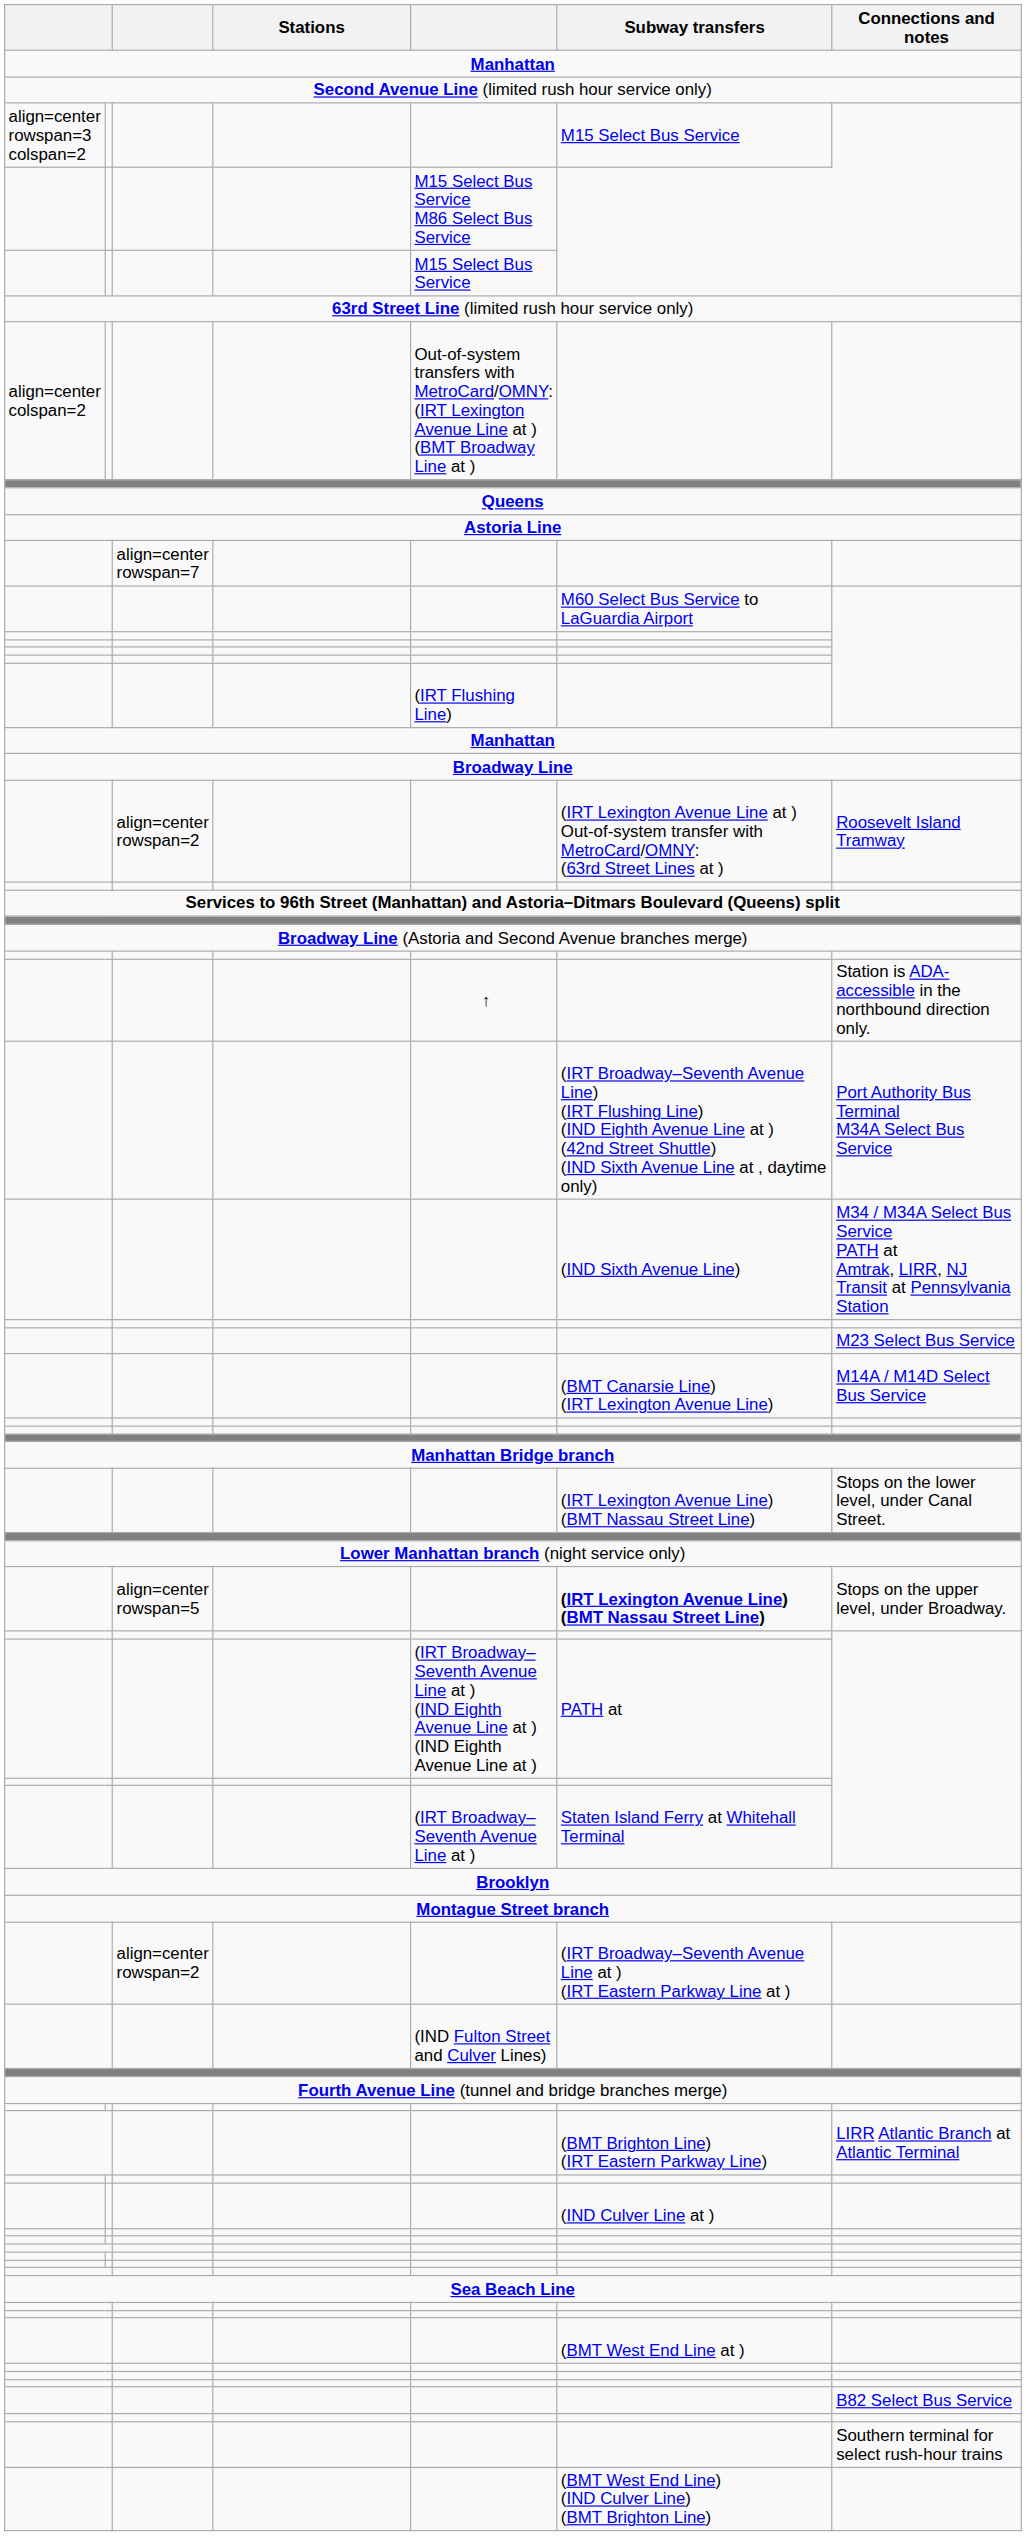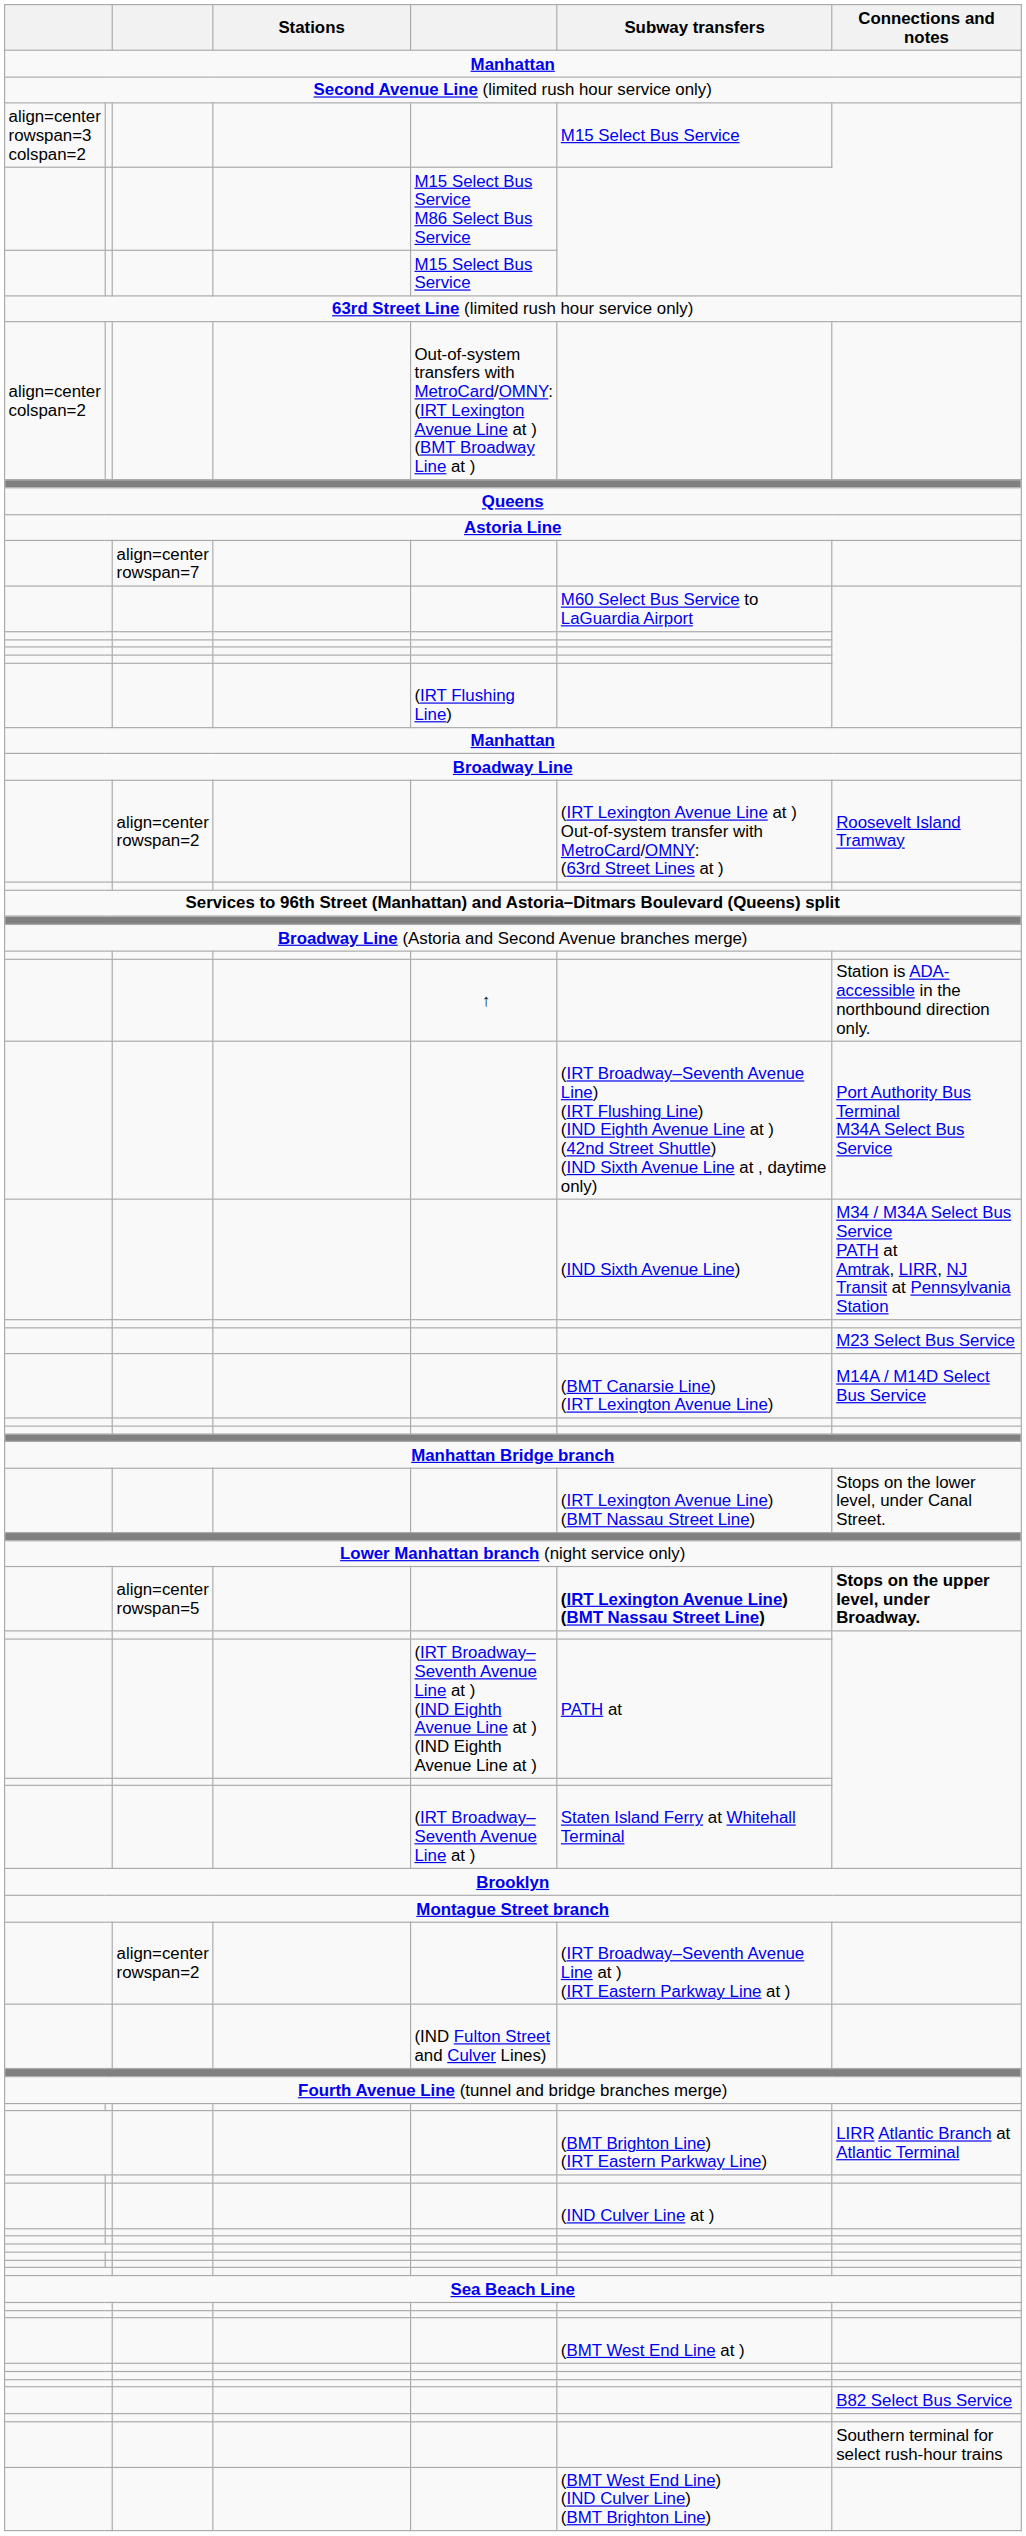 <table class="wikitable collapsible" style="font-size:90%" summary="Service information for the N train and its stations, including service times, ADA-accessibility, subway transfers, and non-subway connections.">
 <tr>
 <th width=6% colspan=2><br></th>
 <th width=3%><br></th>
 <th width=28%>Stations</th>
 <th width=3%></th>
 <th width=36%>Subway transfers</th>
 <th width=30%>Connections and notes</th>
 </tr>
 <tr>
 <td style="font-weight:bold; text-align:center" colspan=7><a href='#'>Manhattan</a></td>
 </tr>
 <tr>
 <td style="text-align:center" colspan=7><strong><a href='#'>Second Avenue Line</a></strong> (limited rush hour service only)</td>
 </tr>
 <tr>
 <td>align=center rowspan=3 colspan=2 </td>
 <td align=center></td>
 <td></td>
 <td align=center></td>
 <td></td>
 <td><a href='#'>M15 Select Bus Service</a></td>
 </tr>
 <tr>
 <td align=center></td>
 <td></td>
 <td align=center></td>
 <td></td>
 <td><a href='#'>M15 Select Bus Service</a><br><a href='#'>M86 Select Bus Service</a></td>
 </tr>
 <tr>
 <td align=center></td>
 <td></td>
 <td align=center></td>
 <td></td>
 <td><a href='#'>M15 Select Bus Service</a></td>
 </tr>
 <tr>
 <td align=center colspan=7><strong><a href='#'>63rd Street Line</a></strong> (limited rush hour service only)</td>
 </tr>
 <tr>
 <td>align=center colspan=2 </td>
 <td align=center></td>
 <td></td>
 <td align=center></td>
 <td><br>Out-of-system transfers with <a href='#'>MetroCard</a>/<a href='#'>OMNY</a>:<br> (<a href='#'>IRT Lexington Avenue Line</a> at )<br> (<a href='#'>BMT Broadway Line</a> at )</td>
 <td></td>
 </tr>
 <tr>
 <td bgcolor=#808080 colspan=7></td>
 </tr>
 <tr>
 <td style="font-weight:bold; text-align:center" colspan=7><a href='#'>Queens</a></td>
 </tr>
 <tr>
 <td style="font-weight:bold; text-align:center" colspan=7><a href='#'>Astoria Line</a></td>
 </tr>
 <tr>
 <td align=center colspan=2></td>
 <td>align=center rowspan=7 </td>
 <td></td>
 <td></td>
 <td></td>
 <td></td>
 </tr>
 <tr>
 <td align=center colspan=2></td>
 <td></td>
 <td align="center"></td>
 <td></td>
 <td><a href='#'>M60 Select Bus Service</a> to <a href='#'>LaGuardia Airport</a></td>
 </tr>
 <tr>
 <td align=center colspan=2></td>
 <td></td>
 <td></td>
 <td></td>
 <td></td>
 </tr>
 <tr>
 <td align=center colspan=2></td>
 <td></td>
 <td></td>
 <td></td>
 <td></td>
 </tr>
 <tr>
 <td align=center colspan=2></td>
 <td></td>
 <td></td>
 <td></td>
 <td></td>
 </tr>
 <tr>
 <td align=center colspan=2></td>
 <td></td>
 <td></td>
 <td></td>
 <td></td>
 </tr>
 <tr>
 <td align=center colspan=2></td>
 <td></td>
 <td align=center></td>
 <td><br> (<a href='#'>IRT Flushing Line</a>)</td>
 <td></td>
 </tr>
 <tr>
 <td style="font-weight:bold; text-align:center" colspan=7><a href='#'>Manhattan</a></td>
 </tr>
 <tr>
 <td style="font-weight:bold; text-align:center" colspan=7><a href='#'>Broadway Line</a></td>
 </tr>
 <tr>
 <td align=center colspan=2></td>
 <td>align=center rowspan=2 </td>
 <td></td>
 <td></td>
 <td><br> (<a href='#'>IRT Lexington Avenue Line</a> at )<br>Out-of-system transfer with <a href='#'>MetroCard</a>/<a href='#'>OMNY</a>:<br> (<a href='#'>63rd Street Lines</a> at )</td>
 <td><a href='#'>Roosevelt Island Tramway</a></td>
 </tr>
 <tr>
 <td align=center colspan=2></td>
 <td></td>
 <td></td>
 <td></td>
 <td></td>
 </tr>
 <tr>
 <td style="font-weight:bold" align=center colspan=7>Services to 96th Street (Manhattan) and Astoria–Ditmars Boulevard (Queens) split</td>
 </tr>
 <tr>
 <td bgcolor=#808080 colspan=7></td>
 </tr>
 <tr>
 <td style="text-align:center" colspan=7><strong><a href='#'>Broadway Line</a></strong> (Astoria and Second Avenue branches merge)</td>
 </tr>
 <tr>
 <td align=center colspan=2></td>
 <td align=center></td>
 <td></td>
 <td align=center></td>
 <td></td>
 <td></td>
 </tr>
 <tr>
 <td align=center colspan=2></td>
 <td align=center></td>
 <td></td>
 <td align=center> ↑</td>
 <td></td>
 <td>Station is <a href='#'>ADA-accessible</a> in the northbound direction only.</td>
 </tr>
 <tr>
 <td align=center colspan=2></td>
 <td align=center></td>
 <td></td>
 <td align=center></td>
 <td><br> (<a href='#'>IRT Broadway–Seventh Avenue Line</a>)<br> (<a href='#'>IRT Flushing Line</a>)<br> (<a href='#'>IND Eighth Avenue Line</a> at )<br> (<a href='#'>42nd Street Shuttle</a>)<br> (<a href='#'>IND Sixth Avenue Line</a> at , daytime only)</td>
 <td><a href='#'>Port Authority Bus Terminal</a><br><a href='#'>M34A Select Bus Service</a></td>
 </tr>
 <tr>
 <td align=center colspan=2></td>
 <td align=center></td>
 <td></td>
 <td align=center></td>
 <td><br> (<a href='#'>IND Sixth Avenue Line</a>)</td>
 <td><a href='#'>M34 / M34A Select Bus Service</a><br><a href='#'>PATH</a> at <br><a href='#'>Amtrak</a>, <a href='#'>LIRR</a>, <a href='#'>NJ Transit</a> at <a href='#'>Pennsylvania Station</a></td>
 </tr>
 <tr>
 <td align=center colspan=2></td>
 <td align=center></td>
 <td></td>
 <td></td>
 <td></td>
 <td></td>
 </tr>
 <tr>
 <td align=center colspan=2></td>
 <td align=center></td>
 <td></td>
 <td></td>
 <td></td>
 <td><a href='#'>M23 Select Bus Service</a></td>
 </tr>
 <tr>
 <td align=center colspan=2></td>
 <td align=center></td>
 <td></td>
 <td align=center></td>
 <td><br> (<a href='#'>BMT Canarsie Line</a>)<br> (<a href='#'>IRT Lexington Avenue Line</a>)</td>
 <td><a href='#'>M14A / M14D Select Bus Service</a></td>
 </tr>
 <tr>
 <td align=center colspan=2></td>
 <td align=center></td>
 <td></td>
 <td></td>
 <td></td>
 <td></td>
 </tr>
 <tr>
 <td align=center colspan=2></td>
 <td align=center></td>
 <td></td>
 <td></td>
 <td></td>
 <td></td>
 </tr>
 <tr>
 <td bgcolor=#808080 colspan=7></td>
 </tr>
 <tr>
 <td style="font-weight:bold; text-align:center" colspan=7><a href='#'>Manhattan Bridge branch</a></td>
 </tr>
 <tr>
 <td align=center colspan=2></td>
 <td align=center></td>
 <td></td>
 <td align=center></td>
 <td><br> (<a href='#'>IRT Lexington Avenue Line</a>)<br> (<a href='#'>BMT Nassau Street Line</a>)</td>
 <td>Stops on the lower level, under Canal Street.</td>
 </tr>
 <tr>
 <td bgcolor=#808080 colspan=7></td>
 </tr>
 <tr>
 <td align=center colspan=7><strong><a href='#'>Lower Manhattan branch</a></strong> (night service only)</td>
 </tr>
 <tr>
 <td align=center colspan=2></td>
 <td>align=center rowspan=5 </td>
 <td></td>
 <td align=center></td>
 <td><strong><br> (<a href='#'>IRT Lexington Avenue Line</a>)<br> (<a href='#'>BMT Nassau Street Line</a>)</strong></td>
-<td>Stops on the upper level, under Broadway.</td>
+<td><strong>Stops on the upper level, under Broadway.</strong></td>
 </tr>
 <tr>
 <td align=center colspan=2></td>
 <td></td>
 <td></td>
 <td></td>
 <td></td>
 </tr>
 <tr>
 <td align=center colspan=2></td>
 <td></td>
 <td align=center></td>
 <td> (<a href='#'>IRT Broadway–Seventh Avenue Line</a> at )<br> (<a href='#'>IND Eighth Avenue Line</a> at )<br> (IND Eighth Avenue Line at )</td>
 <td><a href='#'>PATH</a> at </td>
 </tr>
 <tr>
 <td align=center colspan=2></td>
 <td></td>
 <td></td>
 <td></td>
 <td></td>
 </tr>
 <tr>
 <td align=center colspan=2></td>
 <td></td>
 <td align=center></td>
 <td><br> (<a href='#'>IRT Broadway–Seventh Avenue Line</a> at )</td>
 <td><a href='#'>Staten Island Ferry</a> at <a href='#'>Whitehall Terminal</a></td>
 </tr>
 <tr>
 <td style="font-weight:bold; text-align:center" colspan=7><a href='#'>Brooklyn</a></td>
 </tr>
 <tr>
 <td style="font-weight:bold; text-align:center" colspan=7><a href='#'>Montague Street branch</a></td>
 </tr>
 <tr>
 <td align=center colspan=2></td>
 <td>align=center rowspan=2 </td>
 <td></td>
 <td align=center></td>
 <td><br> (<a href='#'>IRT Broadway–Seventh Avenue Line</a> at )<br> (<a href='#'>IRT Eastern Parkway Line</a> at )</td>
 <td></td>
 </tr>
 <tr>
 <td align=center colspan=2></td>
 <td></td>
 <td align=center></td>
 <td><br>  (IND <a href='#'>Fulton Street</a> and <a href='#'>Culver</a> Lines)</td>
 <td></td>
 </tr>
 <tr>
 <td bgcolor=#808080 colspan=7></td>
 </tr>
 <tr>
 <td align=center colspan=7><strong><a href='#'>Fourth Avenue Line</a></strong> (tunnel and bridge branches merge)</td>
 </tr>
 <tr>
 <td align=center></td>
 <td align=center></td>
 <td align=center></td>
 <td></td>
 <td align=center></td>
 <td></td>
 <td></td>
 </tr>
 <tr>
 <td align=center colspan=2></td>
 <td align=center></td>
 <td></td>
 <td align=center></td>
 <td><br> (<a href='#'>BMT Brighton Line</a>)<br> (<a href='#'>IRT Eastern Parkway Line</a>)</td>
 <td><a href='#'>LIRR</a> <a href='#'>Atlantic Branch</a> at <a href='#'>Atlantic Terminal</a></td>
 </tr>
 <tr>
 <td align=center></td>
 <td align=center></td>
 <td align=center></td>
 <td></td>
 <td></td>
 <td></td>
 <td></td>
 </tr>
 <tr>
 <td align=center></td>
 <td align=center></td>
 <td align=center></td>
 <td></td>
 <td></td>
 <td><br> (<a href='#'>IND Culver Line</a> at )</td>
 <td></td>
 </tr>
 <tr>
 <td align=center></td>
 <td align=center></td>
 <td align=center></td>
 <td></td>
 <td></td>
 <td></td>
 <td></td>
 </tr>
 <tr>
 <td align=center></td>
 <td align=center></td>
 <td align=center></td>
 <td></td>
 <td></td>
 <td></td>
 <td></td>
 </tr>
 <tr>
 <td align=center colspan=2></td>
 <td align=center></td>
 <td></td>
 <td></td>
 <td></td>
 <td></td>
 </tr>
 <tr>
 <td align=center></td>
 <td align=center></td>
 <td align=center></td>
 <td></td>
 <td></td>
 <td></td>
 <td></td>
 </tr>
 <tr>
 <td align=center></td>
 <td align=center></td>
 <td align=center></td>
 <td></td>
 <td></td>
 <td></td>
 <td></td>
 </tr>
 <tr>
 <td align=center colspan=2></td>
 <td align=center></td>
 <td></td>
 <td align=center></td>
 <td></td>
 <td></td>
 </tr>
 <tr>
 <td style="font-weight:bold; text-align:center" colspan=7><a href='#'>Sea Beach Line</a></td>
 </tr>
 <tr>
 <td align=center colspan=2></td>
 <td align=center></td>
 <td></td>
 <td align=center></td>
 <td></td>
 <td></td>
 </tr>
 <tr>
 <td align=center colspan=2></td>
 <td align=center></td>
 <td></td>
 <td></td>
 <td></td>
 <td></td>
 </tr>
 <tr>
 <td align=center colspan=2></td>
 <td align=center></td>
 <td></td>
 <td align=center></td>
 <td><br> (<a href='#'>BMT West End Line</a> at )</td>
 <td></td>
 </tr>
 <tr>
 <td align=center colspan=2></td>
 <td align=center></td>
 <td></td>
 <td></td>
 <td></td>
 <td></td>
 </tr>
 <tr>
 <td align=center colspan=2></td>
 <td align=center></td>
 <td></td>
 <td></td>
 <td></td>
 <td></td>
 </tr>
 <tr>
 <td align=center colspan=2></td>
 <td align=center></td>
 <td></td>
 <td></td>
 <td></td>
 <td></td>
 </tr>
 <tr>
 <td align=center colspan=2></td>
 <td align=center></td>
 <td></td>
 <td></td>
 <td></td>
 <td><a href='#'>B82 Select Bus Service</a></td>
 </tr>
 <tr>
 <td align=center colspan=2></td>
 <td align=center></td>
 <td></td>
 <td></td>
 <td></td>
 <td></td>
 </tr>
 <tr>
 <td align=center colspan=2></td>
 <td align=center></td>
 <td></td>
 <td></td>
 <td></td>
 <td>Southern terminal for select rush-hour trains</td>
 </tr>
 <tr>
 <td align=center colspan=2></td>
 <td align=center></td>
 <td></td>
 <td align=center></td>
 <td>  (<a href='#'>BMT West End Line</a>)<br> (<a href='#'>IND Culver Line</a>)<br> (<a href='#'>BMT Brighton Line</a>)</td>
 <td></td>
 </tr>
 </table>
